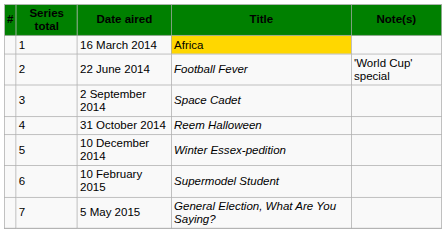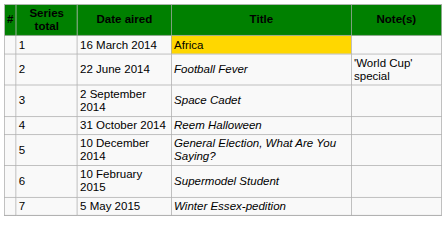 <table class="wikitable sortable">
 <tr>
 <th scope="col" style="background:Green;">#</th>
 <th scope="col" style="background:green;">Series total</th>
 <th scope="col" style="background:Green;">Date aired</th>
 <th scope="col" style="background:Green;">Title</th>
 <th scope="col" style="background:Green;">Note(s)</th>
 </tr>
 <tr>
 <td></td>
 <td>1</td>
 <td>16 March 2014</td>
 <td style="background: gold;">Africa</td>
 <td></td>
 </tr>
 <tr>
 <td></td>
 <td>2</td>
 <td>22 June 2014</td>
 <td><em>Football Fever</em></td>
 <td>'World Cup' special</td>
 </tr>
 <tr>
 <td></td>
 <td>3</td>
 <td>2 September 2014</td>
 <td><em>Space Cadet</em></td>
 <td></td>
 </tr>
 <tr>
 <td></td>
 <td>4</td>
 <td>31 October 2014</td>
 <td><em>Reem Halloween</em></td>
 <td></td>
 </tr>
 <tr>
 <td></td>
 <td>5</td>
 <td>10 December 2014</td>
-<td><em>Winter Essex-pedition</em></td>
+<td><em>General Election, What Are You Saying?</em></td>
 <td></td>
 </tr>
 <tr>
 <td></td>
 <td>6</td>
 <td>10 February 2015</td>
 <td><em>Supermodel Student</em></td>
 <td></td>
 </tr>
 <tr>
 <td></td>
 <td>7</td>
 <td>5 May 2015</td>
-<td><em>General Election, What Are You Saying?</em></td>
+<td><em>Winter Essex-pedition</em></td>
 <td></td>
 </tr>
 <tr>
 </tr>
 </table>
